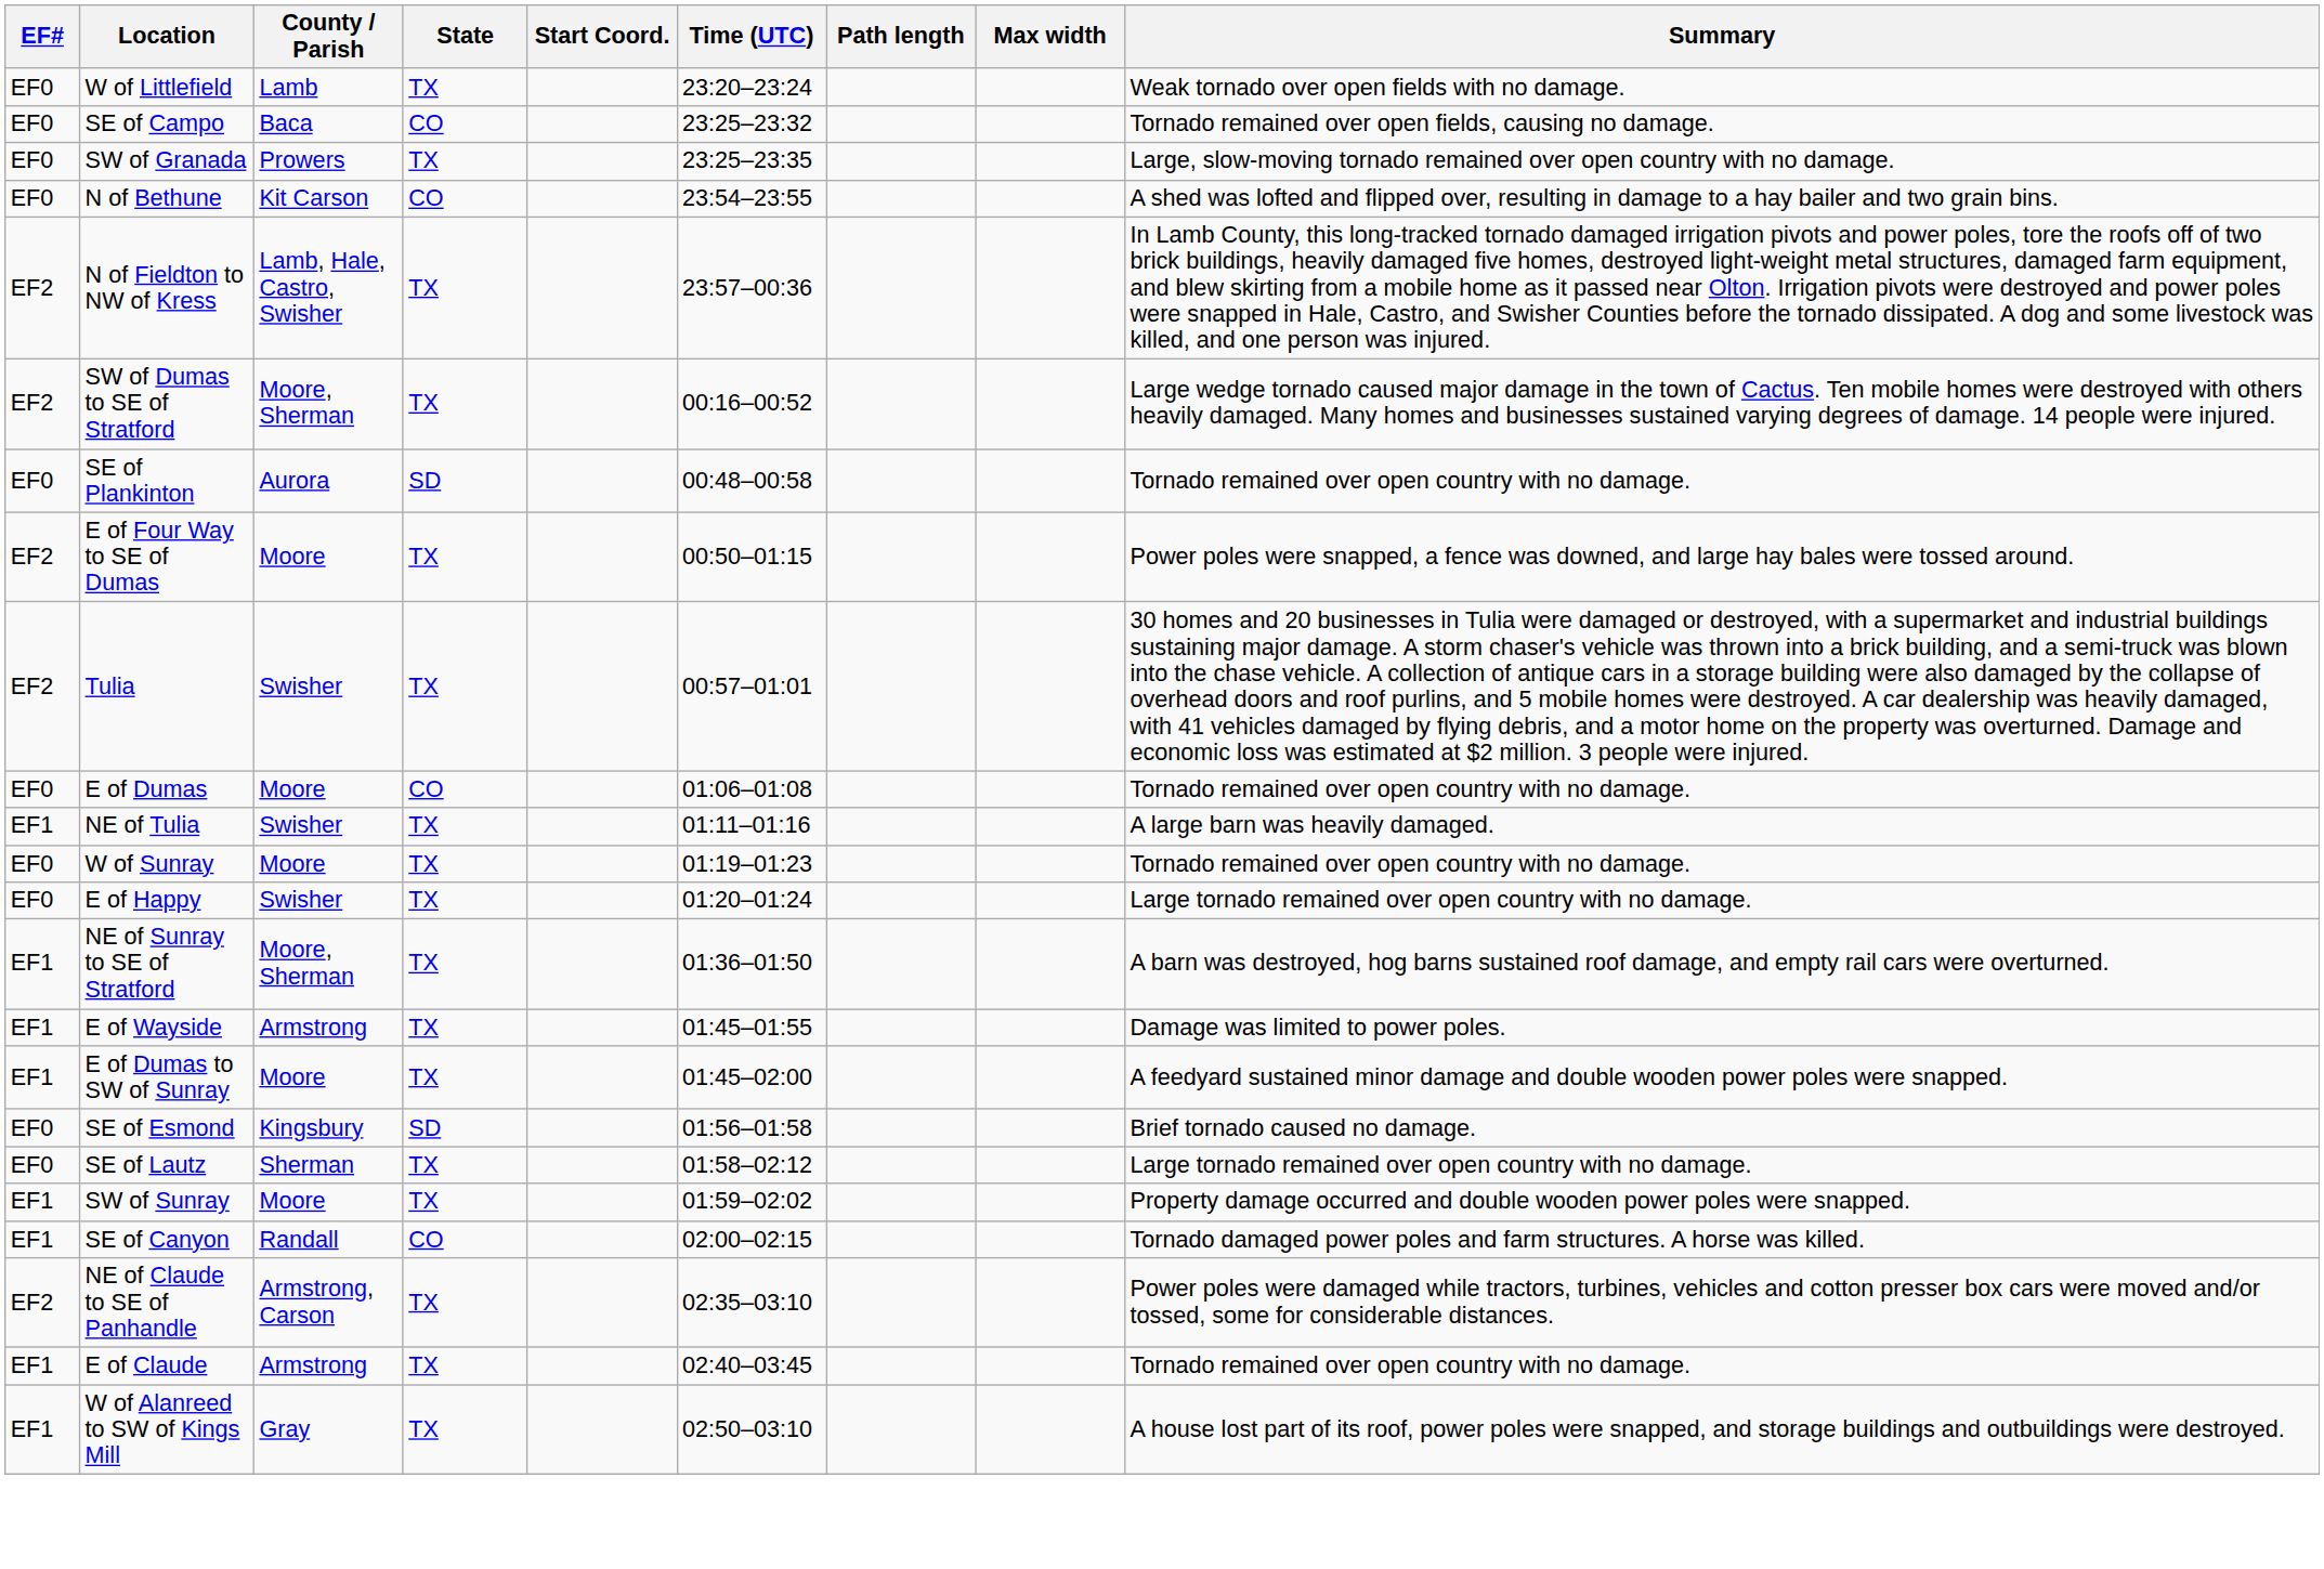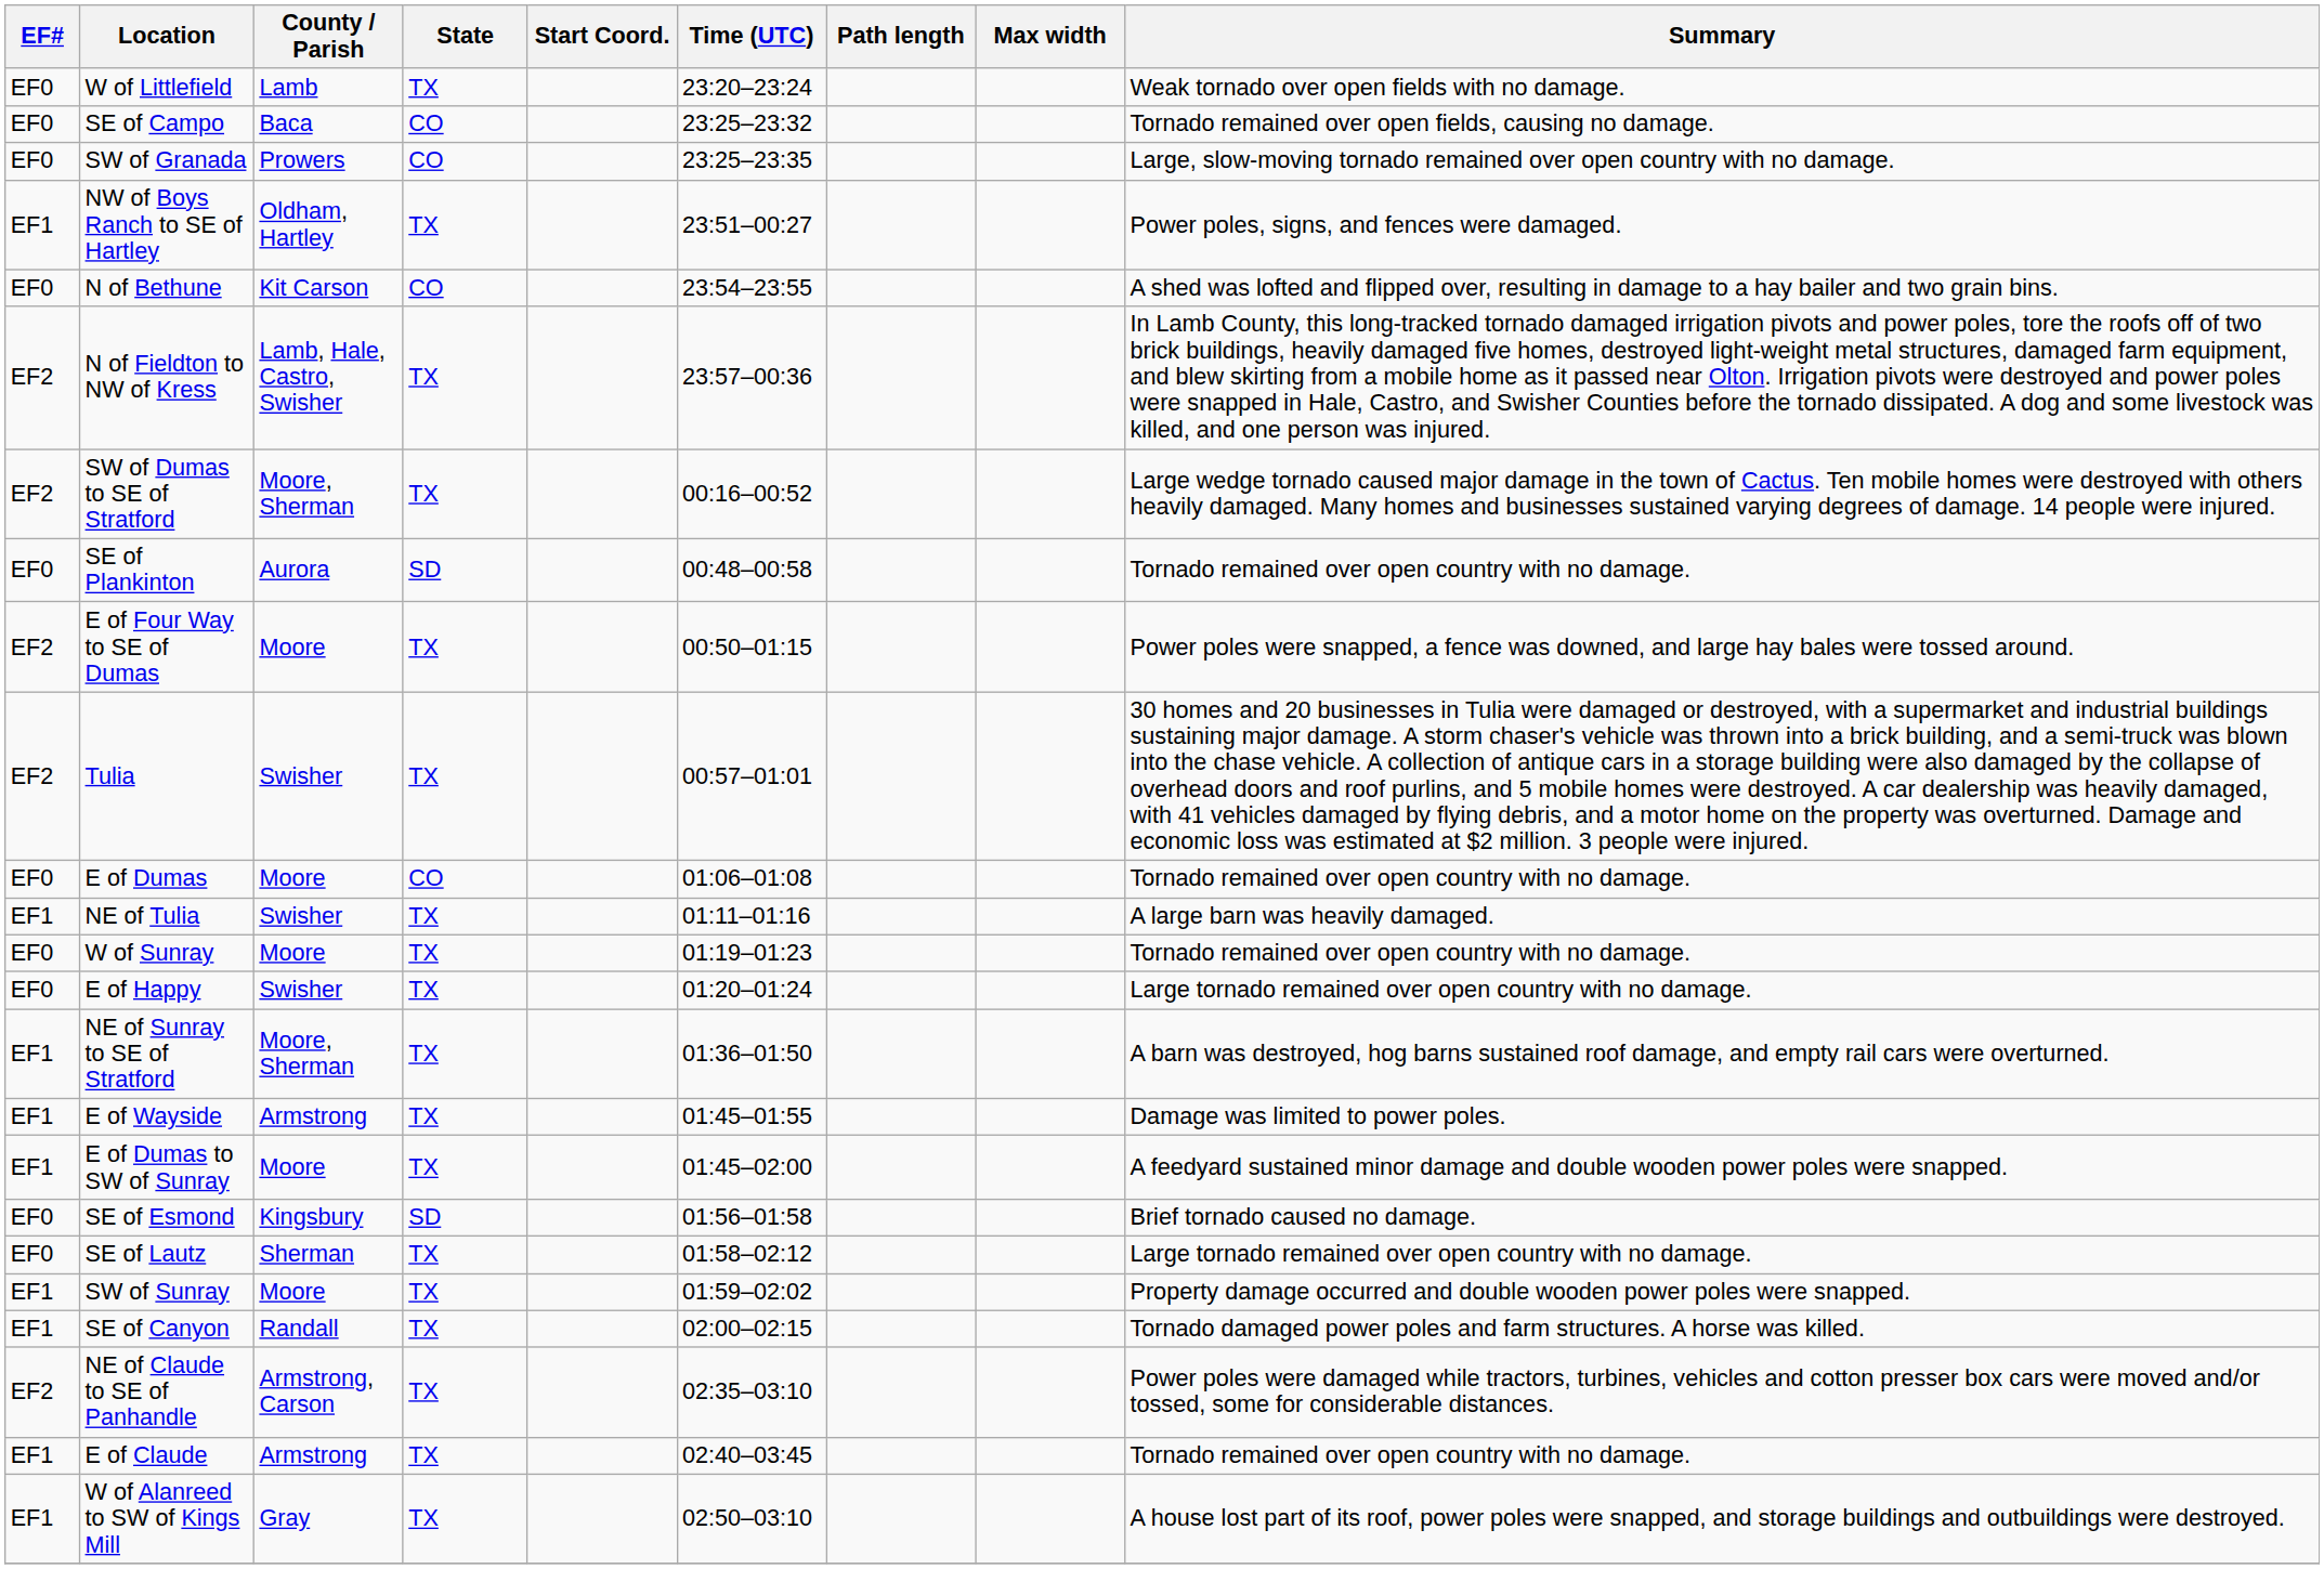 <table class="wikitable sortable" style="width:100%;">
 <tr>
 <th scope="col"  style="width:3%; text-align:center;"><a href='#'>EF#</a></th>
 <th scope="col"  style="width:7%; text-align:center;" class="unsortable">Location</th>
 <th scope="col"  style="width:6%; text-align:center;" class="unsortable">County / Parish</th>
 <th scope="col"  style="width:5%; text-align:center;">State</th>
 <th scope="col"  style="width:6%; text-align:center;">Start Coord.</th>
 <th scope="col"  style="width:6%; text-align:center;">Time (<a href='#'>UTC</a>)</th>
 <th scope="col"  style="width:6%; text-align:center;">Path length</th>
 <th scope="col"  style="width:6%; text-align:center;">Max width</th>
 <th scope="col" class="unsortable" style="width:48%; text-align:center;">Summary</th>
 </tr>
 <tr>
 <td>EF0</td>
 <td>W of <a href='#'>Littlefield</a></td>
 <td><a href='#'>Lamb</a></td>
 <td><a href='#'>TX</a></td>
 <td></td>
 <td>23:20–23:24</td>
 <td></td>
 <td></td>
 <td>Weak tornado over open fields with no damage.</td>
 </tr>
 <tr>
 <td>EF0</td>
 <td>SE of <a href='#'>Campo</a></td>
 <td><a href='#'>Baca</a></td>
 <td><a href='#'>CO</a></td>
 <td></td>
 <td>23:25–23:32</td>
 <td></td>
 <td></td>
 <td>Tornado remained over open fields, causing no damage.</td>
 </tr>
 <tr>
 <td>EF0</td>
 <td>SW of <a href='#'>Granada</a></td>
 <td><a href='#'>Prowers</a></td>
-<td><a href='#'>TX</a></td>
+<td><a href='#'>CO</a></td>
 <td></td>
 <td>23:25–23:35</td>
 <td></td>
 <td></td>
 <td>Large, slow-moving tornado remained over open country with no damage.</td>
+</tr>
+<tr>
+<td>EF1</td>
+<td>NW of <a href='#'>Boys Ranch</a> to SE of <a href='#'>Hartley</a></td>
+<td><a href='#'>Oldham</a>, <a href='#'>Hartley</a></td>
+<td><a href='#'>TX</a></td>
+<td></td>
+<td>23:51–00:27</td>
+<td></td>
+<td></td>
+<td>Power poles, signs, and fences were damaged.</td>
 </tr>
 <tr>
 <td>EF0</td>
 <td>N of <a href='#'>Bethune</a></td>
 <td><a href='#'>Kit Carson</a></td>
 <td><a href='#'>CO</a></td>
 <td></td>
 <td>23:54–23:55</td>
 <td></td>
 <td></td>
 <td>A shed was lofted and flipped over, resulting in damage to a hay bailer and two grain bins.</td>
 </tr>
 <tr>
 <td>EF2</td>
 <td>N of <a href='#'>Fieldton</a> to NW of <a href='#'>Kress</a></td>
 <td><a href='#'>Lamb</a>, <a href='#'>Hale</a>, <a href='#'>Castro</a>, <a href='#'>Swisher</a></td>
 <td><a href='#'>TX</a></td>
 <td></td>
 <td>23:57–00:36</td>
 <td></td>
 <td></td>
 <td>In Lamb County, this long-tracked tornado damaged irrigation pivots and power poles, tore the roofs off of two brick buildings, heavily damaged five homes, destroyed light-weight metal structures, damaged farm equipment, and blew skirting from a mobile home as it passed near <a href='#'>Olton</a>. Irrigation pivots were destroyed and power poles were snapped in Hale, Castro, and Swisher Counties before the tornado dissipated. A dog and some livestock was killed, and one person was injured.</td>
 </tr>
 <tr>
 <td>EF2</td>
 <td>SW of <a href='#'>Dumas</a> to SE of <a href='#'>Stratford</a></td>
 <td><a href='#'>Moore</a>, <a href='#'>Sherman</a></td>
 <td><a href='#'>TX</a></td>
 <td></td>
 <td>00:16–00:52</td>
 <td></td>
 <td></td>
 <td>Large wedge tornado caused major damage in the town of <a href='#'>Cactus</a>. Ten mobile homes were destroyed with others heavily damaged. Many homes and businesses sustained varying degrees of damage. 14 people were injured.</td>
 </tr>
 <tr>
 <td>EF0</td>
 <td>SE of <a href='#'>Plankinton</a></td>
 <td><a href='#'>Aurora</a></td>
 <td><a href='#'>SD</a></td>
 <td></td>
 <td>00:48–00:58</td>
 <td></td>
 <td></td>
 <td>Tornado remained over open country with no damage.</td>
 </tr>
 <tr>
 <td>EF2</td>
 <td>E of <a href='#'>Four Way</a> to SE of <a href='#'>Dumas</a></td>
 <td><a href='#'>Moore</a></td>
 <td><a href='#'>TX</a></td>
 <td></td>
 <td>00:50–01:15</td>
 <td></td>
 <td></td>
 <td>Power poles were snapped, a fence was downed, and large hay bales were tossed around.</td>
 </tr>
 <tr>
 <td>EF2</td>
 <td><a href='#'>Tulia</a></td>
 <td><a href='#'>Swisher</a></td>
 <td><a href='#'>TX</a></td>
 <td></td>
 <td>00:57–01:01</td>
 <td></td>
 <td></td>
 <td>30 homes and 20 businesses in Tulia were damaged or destroyed, with a supermarket and industrial buildings sustaining major damage. A storm chaser's vehicle was thrown into a brick building, and a semi-truck was blown into the chase vehicle. A collection of antique cars in a storage building were also damaged by the collapse of overhead doors and roof purlins, and 5 mobile homes were destroyed. A car dealership was heavily damaged, with 41 vehicles damaged by flying debris, and a motor home on the property was overturned. Damage and economic loss was estimated at $2 million. 3 people were injured.</td>
 </tr>
 <tr>
 <td>EF0</td>
 <td>E of <a href='#'>Dumas</a></td>
 <td><a href='#'>Moore</a></td>
 <td><a href='#'>CO</a></td>
 <td></td>
 <td>01:06–01:08</td>
 <td></td>
 <td></td>
 <td>Tornado remained over open country with no damage.</td>
 </tr>
 <tr>
 <td>EF1</td>
 <td>NE of <a href='#'>Tulia</a></td>
 <td><a href='#'>Swisher</a></td>
 <td><a href='#'>TX</a></td>
 <td></td>
 <td>01:11–01:16</td>
 <td></td>
 <td></td>
 <td>A large barn was heavily damaged.</td>
 </tr>
 <tr>
 <td>EF0</td>
 <td>W of <a href='#'>Sunray</a></td>
 <td><a href='#'>Moore</a></td>
 <td><a href='#'>TX</a></td>
 <td></td>
 <td>01:19–01:23</td>
 <td></td>
 <td></td>
 <td>Tornado remained over open country with no damage.</td>
 </tr>
 <tr>
 <td>EF0</td>
 <td>E of <a href='#'>Happy</a></td>
 <td><a href='#'>Swisher</a></td>
 <td><a href='#'>TX</a></td>
 <td></td>
 <td>01:20–01:24</td>
 <td></td>
 <td></td>
 <td>Large tornado remained over open country with no damage.</td>
 </tr>
 <tr>
 <td>EF1</td>
 <td>NE of <a href='#'>Sunray</a> to SE of <a href='#'>Stratford</a></td>
 <td><a href='#'>Moore</a>, <a href='#'>Sherman</a></td>
 <td><a href='#'>TX</a></td>
 <td></td>
 <td>01:36–01:50</td>
 <td></td>
 <td></td>
 <td>A barn was destroyed, hog barns sustained roof damage, and empty rail cars were overturned.</td>
 </tr>
 <tr>
 <td>EF1</td>
 <td>E of <a href='#'>Wayside</a></td>
 <td><a href='#'>Armstrong</a></td>
 <td><a href='#'>TX</a></td>
 <td></td>
 <td>01:45–01:55</td>
 <td></td>
 <td></td>
 <td>Damage was limited to power poles.</td>
 </tr>
 <tr>
 <td>EF1</td>
 <td>E of <a href='#'>Dumas</a> to SW of <a href='#'>Sunray</a></td>
 <td><a href='#'>Moore</a></td>
 <td><a href='#'>TX</a></td>
 <td></td>
 <td>01:45–02:00</td>
 <td></td>
 <td></td>
 <td>A feedyard sustained minor damage and double wooden power poles were snapped.</td>
 </tr>
 <tr>
 <td>EF0</td>
 <td>SE of <a href='#'>Esmond</a></td>
 <td><a href='#'>Kingsbury</a></td>
 <td><a href='#'>SD</a></td>
 <td></td>
 <td>01:56–01:58</td>
 <td></td>
 <td></td>
 <td>Brief tornado caused no damage.</td>
 </tr>
 <tr>
 <td>EF0</td>
 <td>SE of <a href='#'>Lautz</a></td>
 <td><a href='#'>Sherman</a></td>
 <td><a href='#'>TX</a></td>
 <td></td>
 <td>01:58–02:12</td>
 <td></td>
 <td></td>
 <td>Large tornado remained over open country with no damage.</td>
 </tr>
 <tr>
 <td>EF1</td>
 <td>SW of <a href='#'>Sunray</a></td>
 <td><a href='#'>Moore</a></td>
 <td><a href='#'>TX</a></td>
 <td></td>
 <td>01:59–02:02</td>
 <td></td>
 <td></td>
 <td>Property damage occurred and double wooden power poles were snapped.</td>
 </tr>
 <tr>
 <td>EF1</td>
 <td>SE of <a href='#'>Canyon</a></td>
 <td><a href='#'>Randall</a></td>
-<td><a href='#'>CO</a></td>
+<td><a href='#'>TX</a></td>
 <td></td>
 <td>02:00–02:15</td>
 <td></td>
 <td></td>
 <td>Tornado damaged power poles and farm structures. A horse was killed.</td>
 </tr>
 <tr>
 <td>EF2</td>
 <td>NE of <a href='#'>Claude</a> to SE of <a href='#'>Panhandle</a></td>
 <td><a href='#'>Armstrong</a>, <a href='#'>Carson</a></td>
 <td><a href='#'>TX</a></td>
 <td></td>
 <td>02:35–03:10</td>
 <td></td>
 <td></td>
 <td>Power poles were damaged while tractors, turbines, vehicles and cotton presser box cars were moved and/or tossed, some for considerable distances.</td>
 </tr>
 <tr>
 <td>EF1</td>
 <td>E of <a href='#'>Claude</a></td>
 <td><a href='#'>Armstrong</a></td>
 <td><a href='#'>TX</a></td>
 <td></td>
 <td>02:40–03:45</td>
 <td></td>
 <td></td>
 <td>Tornado remained over open country with no damage.</td>
 </tr>
 <tr>
 <td>EF1</td>
 <td>W of <a href='#'>Alanreed</a> to SW of <a href='#'>Kings Mill</a></td>
 <td><a href='#'>Gray</a></td>
 <td><a href='#'>TX</a></td>
 <td></td>
 <td>02:50–03:10</td>
 <td></td>
 <td></td>
 <td>A house lost part of its roof, power poles were snapped, and storage buildings and outbuildings were destroyed.</td>
 </tr>
 <tr>
 </tr>
 </table>
